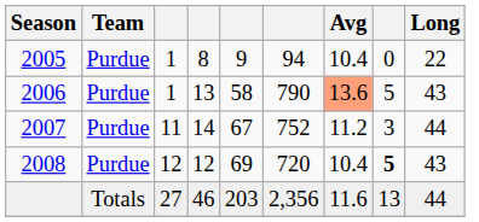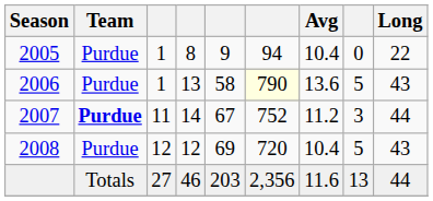 <table class="wikitable" style="text-align:center">
 <tr>
 <th>Season</th>
 <th>Team</th>
 <th></th>
 <th></th>
 <th></th>
 <th></th>
 <th>Avg</th>
 <th></th>
 <th>Long</th>
 </tr>
 <tr>
 <td><a href='#'>2005</a></td>
 <td><a href='#'>Purdue</a></td>
 <td>1</td>
 <td>8</td>
 <td>9</td>
 <td>94</td>
 <td>10.4</td>
 <td>0</td>
 <td>22</td>
 </tr>
 <tr>
 <td><a href='#'>2006</a></td>
 <td><a href='#'>Purdue</a></td>
 <td>1</td>
 <td>13</td>
 <td>58</td>
-<td>790</td>
-<td style="background: lightsalmon;">13.6</td>
+<td style="background: lightyellow;">790</td>
+<td>13.6</td>
 <td>5</td>
 <td>43</td>
 </tr>
 <tr>
 <td><a href='#'>2007</a></td>
-<td><a href='#'>Purdue</a></td>
+<td><strong><a href='#'>Purdue</a></strong></td>
 <td>11</td>
 <td>14</td>
 <td>67</td>
 <td>752</td>
 <td>11.2</td>
 <td>3</td>
 <td>44</td>
 </tr>
 <tr>
 <td><a href='#'>2008</a></td>
 <td><a href='#'>Purdue</a></td>
 <td>12</td>
 <td>12</td>
 <td>69</td>
 <td>720</td>
 <td>10.4</td>
-<td><strong>5</strong></td>
+<td>5</td>
 <td>43</td>
 </tr>
 <tr style="background:#f0f0f0;">
 <td></td>
 <td>Totals</td>
 <td>27</td>
 <td>46</td>
 <td>203</td>
 <td>2,356</td>
 <td>11.6</td>
 <td>13</td>
 <td>44</td>
 </tr>
 <tr>
 </tr>
 </table>
